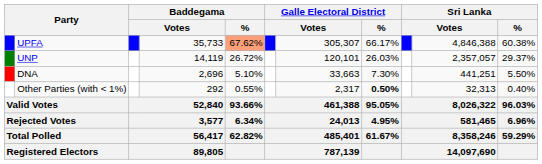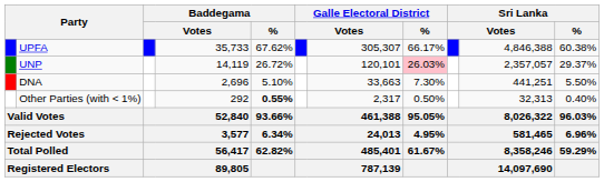 <table class="wikitable">
 <tr>
 <th colspan="2" width="144px"rowspan="2">Party</th>
 <th colspan="3" width="216px">Baddegama</th>
 <th colspan="3" width="216px"><a href='#'>Galle Electoral District</a></th>
 <th colspan="3" width="216px">Sri Lanka</th>
 </tr>
 <tr>
 <th colspan="2" width="144px">Votes</th>
 <th>%</th>
 <th colspan="2" width="144px">Votes</th>
 <th>%</th>
 <th colspan="2" width="144px">Votes</th>
 <th>%</th>
 </tr>
 <tr>
 <td style="background-color:blue;" width="10px"></td>
 <td style="text-align:left;"><a href='#'>UPFA</a></td>
 <td style="background-color:blue;" width="10px"></td>
 <td style="text-align:right;">35,733</td>
-<td style="background: lightsalmon; text-align:right;">67.62%</td>
+<td style="text-align:right;">67.62%</td>
 <td style="background-color:blue;" width="10px"></td>
 <td style="text-align:right;">305,307</td>
 <td style="text-align:right;">66.17%</td>
 <td style="background-color:blue;" width="10px"></td>
 <td style="text-align:right;">4,846,388</td>
 <td style="text-align:right;">60.38%</td>
 </tr>
 <tr>
 <td style="background-color:green;" width="10px"></td>
 <td style="text-align:left;"><a href='#'>UNP</a></td>
 <td style="background-color:white;" width="10px"></td>
 <td style="text-align:right;">14,119</td>
 <td style="text-align:right;">26.72%</td>
 <td style="background-color:white;" width="10px"></td>
 <td style="text-align:right;">120,101</td>
-<td style="text-align:right;">26.03%</td>
+<td style="background: pink; text-align:right;">26.03%</td>
 <td style="background-color:white;" width="10px"></td>
 <td style="text-align:right;">2,357,057</td>
 <td style="text-align:right;">29.37%</td>
 </tr>
 <tr>
 <td style="background-color:red;" width="10px"></td>
 <td style="text-align:left;">DNA</td>
 <td style="background-color:white;" width="10px"></td>
 <td style="text-align:right;">2,696</td>
 <td style="text-align:right;">5.10%</td>
 <td style="background-color:white;" width="10px"></td>
 <td style="text-align:right;">33,663</td>
 <td style="text-align:right;">7.30%</td>
 <td style="background-color:white;" width="10px"></td>
 <td style="text-align:right;">441,251</td>
 <td style="text-align:right;">5.50%</td>
 </tr>
 <tr>
 <td style="background-color:white;" width="10px"></td>
 <td style="text-align:left;">Other Parties (with < 1%)</td>
 <td style="background-color:white;" width="10px"></td>
 <td style="text-align:right;">292</td>
-<td style="text-align:right;">0.55%</td>
+<td style="text-align:right;"><strong>0.55%</strong></td>
 <td style="background-color:white;" width="10px"></td>
 <td style="text-align:right;">2,317</td>
-<td style="text-align:right;"><strong>0.50%</strong></td>
+<td style="text-align:right;">0.50%</td>
 <td style="background-color:white;" width="10px"></td>
 <td style="text-align:right;">32,313</td>
 <td style="text-align:right;">0.40%</td>
 </tr>
 <tr>
 <th colspan="2" width="144px"style="text-align:left;">Valid Votes</th>
 <th style="text-align:right;"colspan="2" width="144px">52,840</th>
 <th style="text-align:right;">93.66%</th>
 <th style="text-align:right;"colspan="2" width="144px">461,388</th>
 <th style="text-align:right;">95.05%</th>
 <th style="text-align:right;"colspan="2" width="144px">8,026,322</th>
 <th style="text-align:right;">96.03%</th>
 </tr>
 <tr>
 <th colspan="2" width="144px"style="text-align:left;">Rejected Votes</th>
 <th style="text-align:right;"colspan="2" width="144px">3,577</th>
 <th style="text-align:right;">6.34%</th>
 <th style="text-align:right;"colspan="2" width="144px">24,013</th>
 <th style="text-align:right;">4.95%</th>
 <th style="text-align:right;"colspan="2" width="144px">581,465</th>
 <th style="text-align:right;">6.96%</th>
 </tr>
 <tr>
 <th colspan="2" width="144px"style="text-align:left;">Total Polled</th>
 <th style="text-align:right;"colspan="2" width="144px">56,417</th>
 <th style="text-align:right;">62.82%</th>
 <th style="text-align:right;"colspan="2" width="144px">485,401</th>
 <th style="text-align:right;">61.67%</th>
 <th style="text-align:right;"colspan="2" width="144px">8,358,246</th>
 <th style="text-align:right;">59.29%</th>
 </tr>
 <tr>
 <th colspan="2" width="144px"style="text-align:left;">Registered Electors</th>
 <th style="text-align:right;"colspan="2" width="144px">89,805</th>
 <th></th>
 <th style="text-align:right;"colspan="2" width="144px">787,139</th>
 <th></th>
 <th style="text-align:right;"colspan="2" width="144px">14,097,690</th>
 <th></th>
 </tr>
 </table>
